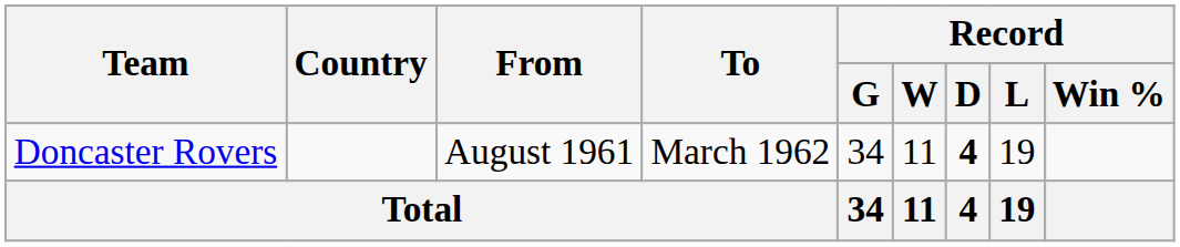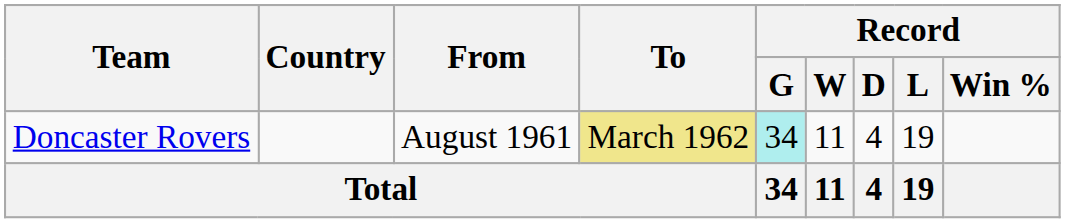 <table class="wikitable" style="text-align: center">
 <tr>
 <th rowspan="2">Team</th>
 <th rowspan="2">Country</th>
 <th rowspan="2">From</th>
 <th rowspan="2">To</th>
 <th colspan="6">Record</th>
 </tr>
 <tr>
 <th>G</th>
 <th>W</th>
 <th>D</th>
 <th>L</th>
 <th>Win %</th>
 </tr>
 <tr>
 <td align=left><a href='#'>Doncaster Rovers</a></td>
 <td></td>
 <td align=left>August 1961</td>
-<td align=left>March 1962</td>
-<td>34</td>
+<td align=left style="background: khaki;">March 1962</td>
+<td style="background: paleturquoise;">34</td>
 <td>11</td>
-<td><strong>4</strong></td>
+<td>4</td>
 <td>19</td>
 <td></td>
 </tr>
 <tr>
 <th colspan="4">Total</th>
 <th>34</th>
 <th>11</th>
 <th>4</th>
 <th>19</th>
 <th></th>
 </tr>
 </table>
